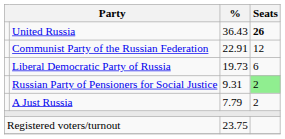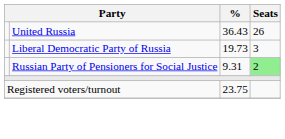 <table class="wikitable">
 <tr>
 <th colspan=2>Party</th>
 <th>%</th>
 <th>Seats</th>
 </tr>
 <tr>
 <td style="background:"></td>
 <td><a href='#'>United Russia</a></td>
 <td>36.43</td>
-<td><strong>26</strong></td>
-</tr>
-<tr>
-<td style="background:"></td>
-<td><a href='#'>Communist Party of the Russian Federation</a></td>
-<td>22.91</td>
-<td>12</td>
+<td>26</td>
 </tr>
 <tr>
 <td style="background:"></td>
 <td><a href='#'>Liberal Democratic Party of Russia</a></td>
 <td>19.73</td>
-<td>6</td>
+<td>3</td>
 </tr>
 <tr>
 <td style="background:"></td>
 <td><a href='#'>Russian Party of Pensioners for Social Justice</a></td>
 <td>9.31</td>
 <td style="background: lightgreen;">2</td>
-</tr>
-<tr>
-<td style="background:"></td>
-<td><a href='#'>A Just Russia</a></td>
-<td>7.79</td>
-<td>2</td>
 </tr>
 <tr>
 <td colspan=4 style="background:#E9E9E9;"></td>
 </tr>
 <tr>
 <td align=left colspan=2>Registered voters/turnout</td>
 <td>23.75</td>
 <td></td>
 </tr>
 <tr>
 </tr>
 </table>
